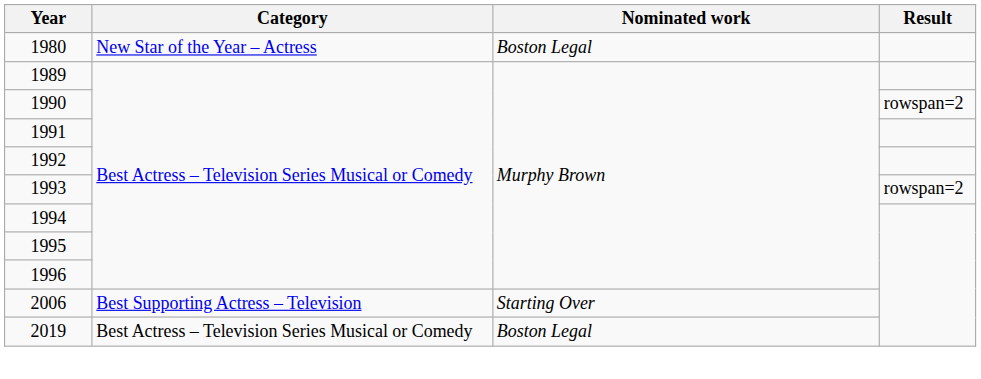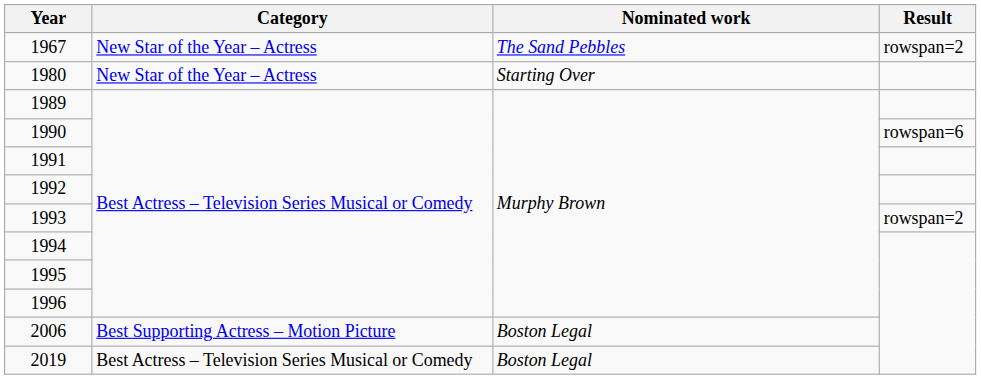 <table class=wikitable>
 <tr>
 <th scope="col" style="width:5em;">Year</th>
 <th scope="col" style="width:26em;">Category</th>
 <th scope="col" style="width:25em;">Nominated work</th>
 <th scope="col" style="width:5em;">Result</th>
 </tr>
 <tr>
+<td style="text-align:center;">1967</td>
+<td><a href='#'>New Star of the Year – Actress</a></td>
+<td><em><a href='#'>The Sand Pebbles</a></em></td>
+<td>rowspan=2 </td>
+</tr>
+<tr>
 <td style="text-align:center;">1980</td>
 <td><a href='#'>New Star of the Year – Actress</a></td>
-<td><em>Boston Legal</em></td>
+<td><em>Starting Over</em></td>
 </tr>
 <tr>
 <td style="text-align:center;">1989</td>
 <td rowspan=8><a href='#'>Best Actress – Television Series Musical or Comedy</a></td>
 <td rowspan=8><em>Murphy Brown</em></td>
 <td></td>
 </tr>
 <tr>
 <td style="text-align:center;">1990</td>
-<td>rowspan=2 </td>
+<td>rowspan=6 </td>
 </tr>
 <tr>
 <td style="text-align:center;">1991</td>
 </tr>
 <tr>
 <td style="text-align:center;">1992</td>
 <td></td>
 </tr>
 <tr>
 <td style="text-align:center;">1993</td>
 <td>rowspan=2 </td>
 </tr>
 <tr>
 <td style="text-align:center;">1994</td>
 </tr>
 <tr>
 <td style="text-align:center;">1995</td>
 </tr>
 <tr>
 <td style="text-align:center;">1996</td>
 </tr>
 <tr>
 <td style="text-align:center;">2006</td>
-<td><a href='#'>Best Supporting Actress – Television</a></td>
-<td><em>Starting Over</em></td>
+<td><a href='#'>Best Supporting Actress – Motion Picture</a></td>
+<td><em>Boston Legal</em></td>
 </tr>
 <tr>
 <td style="text-align:center;">2019</td>
 <td>Best Actress – Television Series Musical or Comedy</td>
 <td><em>Boston Legal</em></td>
 </tr>
 </table>
